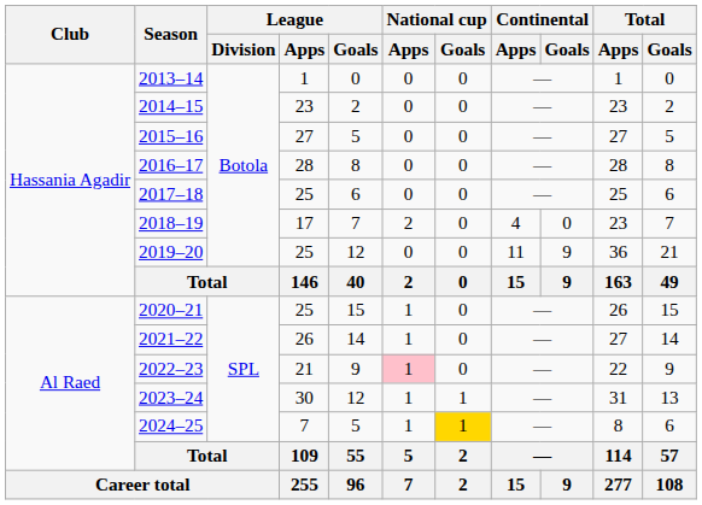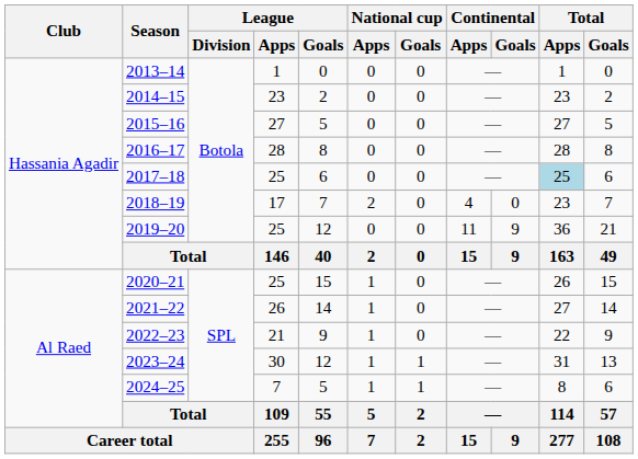 <table class="wikitable" style="text-align:center">
 <tr>
 <th rowspan="2">Club</th>
 <th rowspan="2">Season</th>
 <th colspan="3">League</th>
 <th colspan="2">National cup</th>
 <th colspan="2">Continental</th>
 <th colspan="2">Total</th>
 </tr>
 <tr>
 <th>Division</th>
 <th>Apps</th>
 <th>Goals</th>
 <th>Apps</th>
 <th>Goals</th>
 <th>Apps</th>
 <th>Goals</th>
 <th>Apps</th>
 <th>Goals</th>
 </tr>
 <tr>
 <td rowspan="8"><a href='#'>Hassania Agadir</a></td>
 <td><a href='#'>2013–14</a></td>
 <td rowspan="7"><a href='#'>Botola</a></td>
 <td>1</td>
 <td>0</td>
 <td>0</td>
 <td>0</td>
 <td colspan="2">—</td>
 <td>1</td>
 <td>0</td>
 </tr>
 <tr>
 <td><a href='#'>2014–15</a></td>
 <td>23</td>
 <td>2</td>
 <td>0</td>
 <td>0</td>
 <td colspan="2">—</td>
 <td>23</td>
 <td>2</td>
 </tr>
 <tr>
 <td><a href='#'>2015–16</a></td>
 <td>27</td>
 <td>5</td>
 <td>0</td>
 <td>0</td>
 <td colspan="2">—</td>
 <td>27</td>
 <td>5</td>
 </tr>
 <tr>
 <td><a href='#'>2016–17</a></td>
 <td>28</td>
 <td>8</td>
 <td>0</td>
 <td>0</td>
 <td colspan="2">—</td>
 <td>28</td>
 <td>8</td>
 </tr>
 <tr>
 <td><a href='#'>2017–18</a></td>
 <td>25</td>
 <td>6</td>
 <td>0</td>
 <td>0</td>
 <td colspan="2">—</td>
-<td>25</td>
+<td style="background: lightblue;">25</td>
 <td>6</td>
 </tr>
 <tr>
 <td><a href='#'>2018–19</a></td>
 <td>17</td>
 <td>7</td>
 <td>2</td>
 <td>0</td>
 <td>4</td>
 <td>0</td>
 <td>23</td>
 <td>7</td>
 </tr>
 <tr>
 <td><a href='#'>2019–20</a></td>
 <td>25</td>
 <td>12</td>
 <td>0</td>
 <td>0</td>
 <td>11</td>
 <td>9</td>
 <td>36</td>
 <td>21</td>
 </tr>
 <tr>
 <th colspan="2">Total</th>
 <th>146</th>
 <th>40</th>
 <th>2</th>
 <th>0</th>
 <th>15</th>
 <th>9</th>
 <th>163</th>
 <th>49</th>
 </tr>
 <tr>
 <td rowspan="6"><a href='#'>Al Raed</a></td>
 <td><a href='#'>2020–21</a></td>
 <td rowspan="5"><a href='#'>SPL</a></td>
 <td>25</td>
 <td>15</td>
 <td>1</td>
 <td>0</td>
 <td colspan="2">—</td>
 <td>26</td>
 <td>15</td>
 </tr>
 <tr>
 <td><a href='#'>2021–22</a></td>
 <td>26</td>
 <td>14</td>
 <td>1</td>
 <td>0</td>
 <td colspan="2">—</td>
 <td>27</td>
 <td>14</td>
 </tr>
 <tr>
 <td><a href='#'>2022–23</a></td>
 <td>21</td>
 <td>9</td>
-<td style="background: pink;">1</td>
+<td>1</td>
 <td>0</td>
 <td colspan="2">—</td>
 <td>22</td>
 <td>9</td>
 </tr>
 <tr>
 <td><a href='#'>2023–24</a></td>
 <td>30</td>
 <td>12</td>
 <td>1</td>
 <td>1</td>
 <td colspan="2">—</td>
 <td>31</td>
 <td>13</td>
 </tr>
 <tr>
 <td><a href='#'>2024–25</a></td>
 <td>7</td>
 <td>5</td>
 <td>1</td>
-<td style="background: gold;">1</td>
+<td>1</td>
 <td colspan="2">—</td>
 <td>8</td>
 <td>6</td>
 </tr>
 <tr>
 <th colspan="2">Total</th>
 <th>109</th>
 <th>55</th>
 <th>5</th>
 <th>2</th>
 <th colspan="2">—</th>
 <th>114</th>
 <th>57</th>
 </tr>
 <tr>
 <th colspan="3">Career total</th>
 <th>255</th>
 <th>96</th>
 <th>7</th>
 <th>2</th>
 <th>15</th>
 <th>9</th>
 <th>277</th>
 <th>108</th>
 </tr>
 </table>
